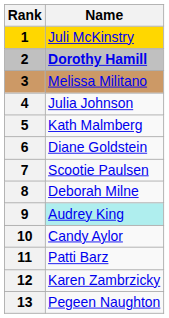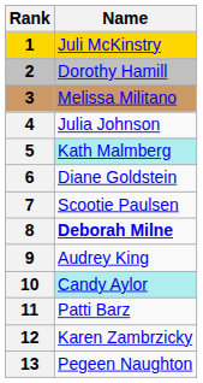 <table class="wikitable">
 <tr>
 <th>Rank</th>
 <th>Name</th>
 </tr>
 <tr bgcolor="gold">
 <td align="center"><strong>1</strong></td>
 <td><a href='#'>Juli McKinstry</a></td>
 </tr>
 <tr bgcolor="silver">
 <td align="center"><strong>2</strong></td>
-<td><strong><a href='#'>Dorothy Hamill</a></strong></td>
+<td><a href='#'>Dorothy Hamill</a></td>
 </tr>
 <tr bgcolor="cc9966">
 <td align="center"><strong>3</strong></td>
 <td><a href='#'>Melissa Militano</a></td>
 </tr>
 <tr>
 <th>4</th>
 <td><a href='#'>Julia Johnson</a></td>
 </tr>
 <tr>
 <th>5</th>
-<td><a href='#'>Kath Malmberg</a></td>
+<td style="background: paleturquoise;"><a href='#'>Kath Malmberg</a></td>
 </tr>
 <tr>
 <th>6</th>
 <td><a href='#'>Diane Goldstein</a></td>
 </tr>
 <tr>
 <th>7</th>
 <td><a href='#'>Scootie Paulsen</a></td>
 </tr>
 <tr>
 <th>8</th>
-<td><a href='#'>Deborah Milne</a></td>
+<td><strong><a href='#'>Deborah Milne</a></strong></td>
 </tr>
 <tr>
 <th>9</th>
-<td style="background: paleturquoise;"><a href='#'>Audrey King</a></td>
+<td><a href='#'>Audrey King</a></td>
 </tr>
 <tr>
 <th>10</th>
-<td><a href='#'>Candy Aylor</a></td>
+<td style="background: paleturquoise;"><a href='#'>Candy Aylor</a></td>
 </tr>
 <tr>
 <th>11</th>
 <td><a href='#'>Patti Barz</a></td>
 </tr>
 <tr>
 <th>12</th>
 <td><a href='#'>Karen Zambrzicky</a></td>
 </tr>
 <tr>
 <th>13</th>
 <td><a href='#'>Pegeen Naughton</a></td>
 </tr>
 </table>
